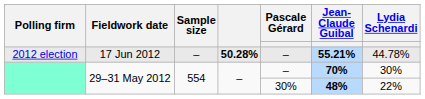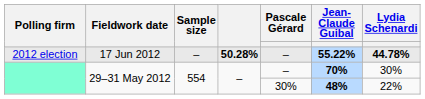 <table class="wikitable sortable" style="text-align:center;font-size:90%;line-height:14px;">
 <tr style="height:40px;">
 <th style="width:100px;" rowspan="2">Polling firm</th>
 <th style="width:110px;" rowspan="2">Fieldwork date</th>
 <th style="width:35px;" rowspan="2">Sample<br>size</th>
 <th style="width:30px;" rowspan="2"></th>
 <th class="unsortable" style="width:60px;">Pascale Gérard<br></th>
 <th class="unsortable" style="width:60px;"><a href='#'>Jean-Claude Guibal</a><br></th>
 <th class="unsortable" style="width:60px;"><a href='#'>Lydia Schenardi</a><br></th>
 </tr>
 <tr>
 <th style="background:"></th>
 <th style="background:"></th>
 <th style="background:"></th>
 </tr>
 <tr style="background:#E9E9E9;">
 <td><a href='#'>2012 election</a></td>
 <td data-sort-value="2012-06-17">17 Jun 2012</td>
 <td>–</td>
 <td><strong>50.28%</strong></td>
 <td>–</td>
-<td style="background:#B9DAFF;"><strong>55.21%</strong></td>
-<td>44.78%</td>
+<td style="background:#B9DAFF;"><strong>55.22%</strong></td>
+<td><strong>44.78%</strong></td>
 </tr>
 <tr>
 <td rowspan="2" style="background:aquamarine;"></td>
 <td rowspan="2" data-sort-value="2012-05-31">29–31 May 2012</td>
 <td rowspan="2">554</td>
 <td rowspan="2">–</td>
 <td>–</td>
 <td style="background:#B9DAFF;"><strong>70%</strong></td>
 <td>30%</td>
 </tr>
 <tr>
 <td>30%</td>
 <td style="background:#B9DAFF;"><strong>48%</strong></td>
 <td>22%</td>
 </tr>
 </table>
